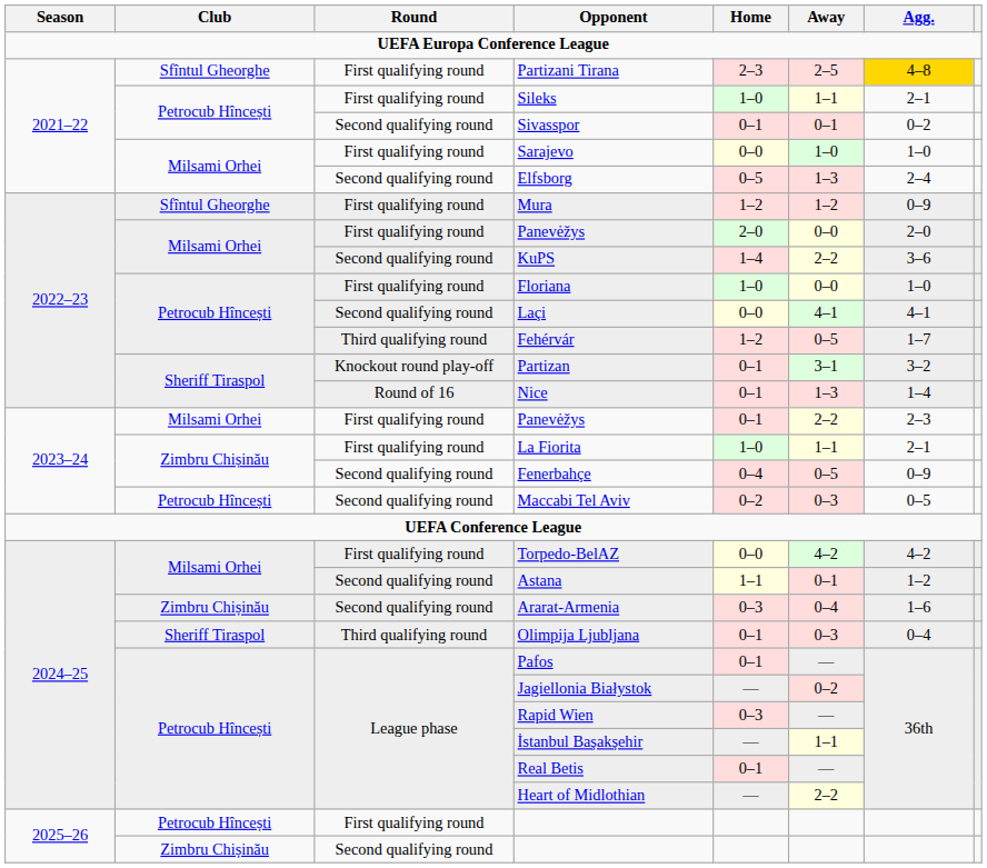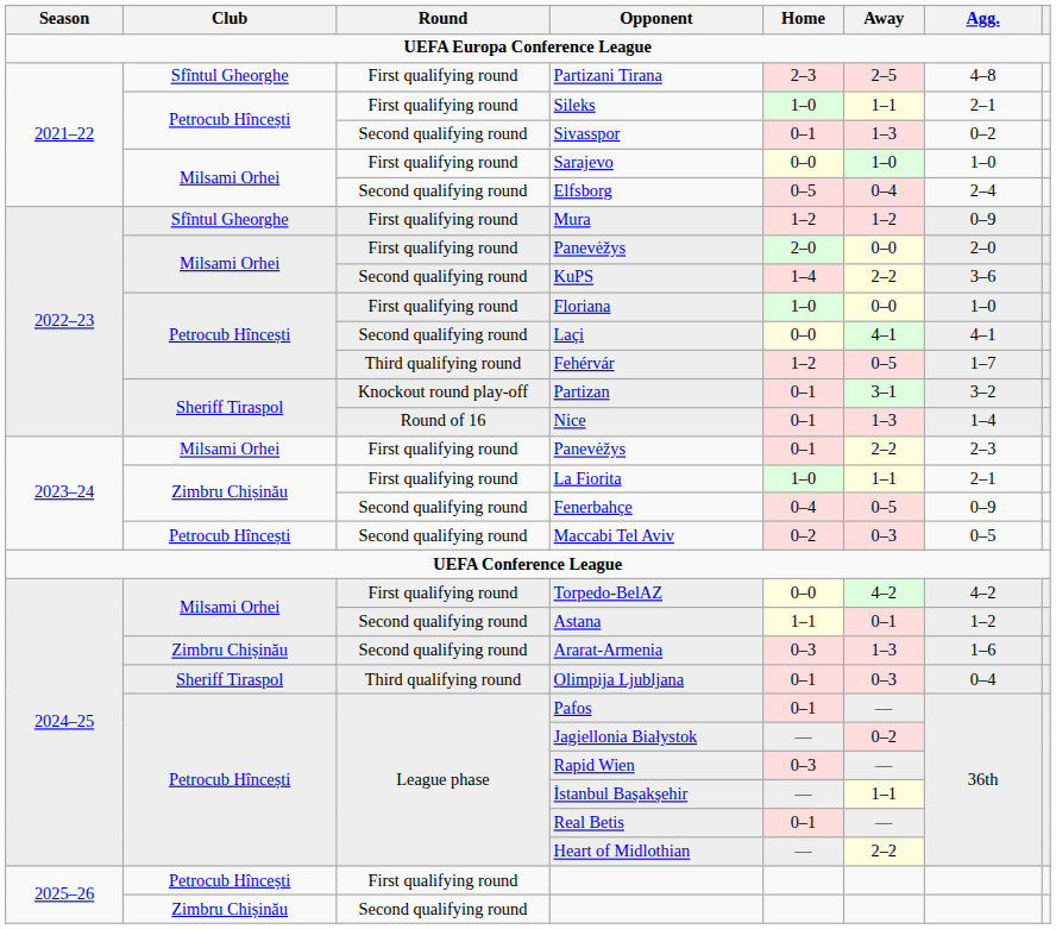 <table class="wikitable" style="font-size:78%; text-align: center;">
 <tr>
 <th width="80">Season</th>
 <th width="150">Club</th>
 <th width="150">Round</th>
 <th width="150">Opponent</th>
 <th width="53">Home</th>
 <th width="53">Away</th>
 <th width="80"><a href='#'>Agg.</a></th>
 <th></th>
 </tr>
 <tr>
 <td colspan="8" style="text-align:center;"><strong>UEFA Europa Conference League</strong></td>
 </tr>
 <tr>
 <td rowspan=5><a href='#'>2021–22</a></td>
 <td><a href='#'>Sfîntul Gheorghe</a></td>
 <td>First qualifying round</td>
 <td align="left"> <a href='#'>Partizani Tirana</a></td>
 <td bgcolor="#ffdddd">2–3</td>
 <td bgcolor="#ffdddd">2–5</td>
-<td style="background: gold;">4–8</td>
+<td>4–8</td>
 <td></td>
 </tr>
 <tr>
 <td rowspan=2><a href='#'>Petrocub Hîncești</a></td>
 <td>First qualifying round</td>
 <td align="left"> <a href='#'>Sileks</a></td>
 <td bgcolor="#ddffdd">1–0</td>
 <td bgcolor="#ffffdd">1–1</td>
 <td>2–1</td>
 <td></td>
 </tr>
 <tr>
 <td>Second qualifying round</td>
 <td align="left"> <a href='#'>Sivasspor</a></td>
 <td bgcolor="#ffdddd">0–1</td>
-<td bgcolor="#ffdddd">0–1</td>
+<td bgcolor="#ffdddd">1–3</td>
 <td>0–2</td>
 <td></td>
 </tr>
 <tr>
 <td rowspan=2><a href='#'>Milsami Orhei</a></td>
 <td>First qualifying round</td>
 <td align="left"> <a href='#'>Sarajevo</a></td>
 <td bgcolor="#ffffdd">0–0</td>
 <td bgcolor="#ddffdd">1–0</td>
 <td>1–0</td>
 <td></td>
 </tr>
 <tr>
 <td>Second qualifying round</td>
 <td align="left"> <a href='#'>Elfsborg</a></td>
 <td bgcolor="#ffdddd">0–5</td>
-<td bgcolor="#ffdddd">1–3</td>
+<td bgcolor="#ffdddd">0–4</td>
 <td>2–4</td>
 <td></td>
 </tr>
 <tr bgcolor=#EEEEEE>
 <td rowspan=8><a href='#'>2022–23</a></td>
 <td><a href='#'>Sfîntul Gheorghe</a></td>
 <td>First qualifying round</td>
 <td align="left"> <a href='#'>Mura</a></td>
 <td bgcolor="#ffdddd">1–2</td>
 <td bgcolor="#ffdddd">1–2</td>
 <td>0–9</td>
 <td></td>
 </tr>
 <tr bgcolor=#EEEEEE>
 <td rowspan=2><a href='#'>Milsami Orhei</a></td>
 <td>First qualifying round</td>
 <td align="left"> <a href='#'>Panevėžys</a></td>
 <td bgcolor="#ddffdd">2–0</td>
 <td bgcolor="#ffffdd">0–0</td>
 <td>2–0</td>
 <td></td>
 </tr>
 <tr bgcolor=#EEEEEE>
 <td>Second qualifying round</td>
 <td align="left"> <a href='#'>KuPS</a></td>
 <td bgcolor="#ffdddd">1–4</td>
 <td bgcolor="#ffffdd">2–2</td>
 <td>3–6</td>
 <td></td>
 </tr>
 <tr bgcolor=#EEEEEE>
 <td rowspan=3><a href='#'>Petrocub Hîncești</a></td>
 <td>First qualifying round</td>
 <td align="left"> <a href='#'>Floriana</a></td>
 <td bgcolor="#ddffdd">1–0</td>
 <td bgcolor="#ffffdd">0–0</td>
 <td>1–0</td>
 <td></td>
 </tr>
 <tr bgcolor=#EEEEEE>
 <td>Second qualifying round</td>
 <td align="left"> <a href='#'>Laçi</a></td>
 <td bgcolor="#ffffdd">0–0</td>
 <td bgcolor="#ddffdd">4–1</td>
 <td>4–1</td>
 <td></td>
 </tr>
 <tr bgcolor=#EEEEEE>
 <td>Third qualifying round</td>
 <td align="left"> <a href='#'>Fehérvár</a></td>
 <td bgcolor="#ffdddd">1–2</td>
 <td bgcolor="#ffdddd">0–5</td>
 <td>1–7</td>
 <td></td>
 </tr>
 <tr bgcolor=#EEEEEE>
 <td rowspan=2><a href='#'>Sheriff Tiraspol</a></td>
 <td>Knockout round play-off</td>
 <td align="left"> <a href='#'>Partizan</a></td>
 <td bgcolor="#ffdddd">0–1</td>
 <td bgcolor="#ddffdd">3–1</td>
 <td>3–2</td>
 <td></td>
 </tr>
 <tr bgcolor=#EEEEEE>
 <td>Round of 16</td>
 <td align="left"> <a href='#'>Nice</a></td>
 <td bgcolor="#ffdddd">0–1</td>
 <td bgcolor="#ffdddd">1–3</td>
 <td>1–4</td>
 <td></td>
 </tr>
 <tr>
 <td rowspan=4><a href='#'>2023–24</a></td>
 <td><a href='#'>Milsami Orhei</a></td>
 <td>First qualifying round</td>
 <td align="left"> <a href='#'>Panevėžys</a></td>
 <td bgcolor="#ffdddd">0–1</td>
 <td bgcolor="#ffffdd">2–2</td>
 <td>2–3</td>
 <td></td>
 </tr>
 <tr>
 <td rowspan=2><a href='#'>Zimbru Chișinău</a></td>
 <td>First qualifying round</td>
 <td align="left"> <a href='#'>La Fiorita</a></td>
 <td bgcolor="#ddffdd">1–0</td>
 <td bgcolor="#ffffdd">1–1</td>
 <td>2–1</td>
 <td></td>
 </tr>
 <tr>
 <td>Second qualifying round</td>
 <td align="left"> <a href='#'>Fenerbahçe</a></td>
 <td bgcolor="#ffdddd">0–4</td>
 <td bgcolor="#ffdddd">0–5</td>
 <td>0–9</td>
 <td></td>
 </tr>
 <tr>
 <td><a href='#'>Petrocub Hîncești</a></td>
 <td>Second qualifying round</td>
 <td align="left"> <a href='#'>Maccabi Tel Aviv</a></td>
 <td bgcolor="#ffdddd">0–2</td>
 <td bgcolor="#ffdddd">0–3</td>
 <td>0–5</td>
 <td></td>
 </tr>
 <tr>
 <td colspan="8" style="text-align:center;"><strong>UEFA Conference League</strong></td>
 </tr>
 <tr bgcolor=#EEEEEE>
 <td rowspan=10><a href='#'>2024–25</a></td>
 <td rowspan=2><a href='#'>Milsami Orhei</a></td>
 <td>First qualifying round</td>
 <td align="left"> <a href='#'>Torpedo-BelAZ</a></td>
 <td bgcolor="#ffffdd">0–0</td>
 <td bgcolor="#ddffdd">4–2</td>
 <td>4–2</td>
 <td></td>
 </tr>
 <tr bgcolor=#EEEEEE>
 <td>Second qualifying round</td>
 <td align="left"> <a href='#'>Astana</a></td>
 <td bgcolor="#ffffdd">1–1</td>
 <td bgcolor="#ffdddd">0–1</td>
 <td>1–2</td>
 <td></td>
 </tr>
 <tr bgcolor=#EEEEEE>
 <td><a href='#'>Zimbru Chișinău</a></td>
 <td>Second qualifying round</td>
 <td align="left"> <a href='#'>Ararat-Armenia</a></td>
 <td bgcolor="#ffdddd">0–3</td>
-<td bgcolor="#ffdddd">0–4</td>
+<td bgcolor="#ffdddd">1–3</td>
 <td>1–6</td>
 <td></td>
 </tr>
 <tr bgcolor=#EEEEEE>
 <td><a href='#'>Sheriff Tiraspol</a></td>
 <td>Third qualifying round</td>
 <td align="left"> <a href='#'>Olimpija Ljubljana</a></td>
 <td bgcolor="#ffdddd">0–1</td>
 <td bgcolor="#ffdddd">0–3</td>
 <td>0–4</td>
 <td></td>
 </tr>
 <tr bgcolor=#EEEEEE>
 <td rowspan=6><a href='#'>Petrocub Hîncești</a></td>
 <td rowspan=6>League phase</td>
 <td align="left"> <a href='#'>Pafos</a></td>
 <td bgcolor="#ffdddd">0–1</td>
 <td>—</td>
 <td rowspan=6>36th</td>
 <td rowspan=6></td>
 </tr>
 <tr bgcolor=#EEEEEE>
 <td align="left"> <a href='#'>Jagiellonia Białystok</a></td>
 <td>—</td>
 <td bgcolor="#ffdddd">0–2</td>
 </tr>
 <tr bgcolor=#EEEEEE>
 <td align="left"> <a href='#'>Rapid Wien</a></td>
 <td bgcolor="#ffdddd">0–3</td>
 <td>—</td>
 </tr>
 <tr bgcolor=#EEEEEE>
 <td align="left"> <a href='#'>İstanbul Başakşehir</a></td>
 <td>—</td>
 <td bgcolor="#ffffdd">1–1</td>
 </tr>
 <tr bgcolor=#EEEEEE>
 <td align="left"> <a href='#'>Real Betis</a></td>
 <td bgcolor="#ffdddd">0–1</td>
 <td>—</td>
 </tr>
 <tr bgcolor=#EEEEEE>
 <td align="left"> <a href='#'>Heart of Midlothian</a></td>
 <td>—</td>
 <td bgcolor="#ffffdd">2–2</td>
 </tr>
 <tr>
 <td rowspan=2><a href='#'>2025–26</a></td>
 <td><a href='#'>Petrocub Hîncești</a></td>
 <td>First qualifying round</td>
 <td align="left"></td>
 <td></td>
 <td></td>
 <td></td>
 <td></td>
 </tr>
 <tr>
 <td><a href='#'>Zimbru Chișinău</a></td>
 <td>Second qualifying round</td>
 <td align="left"></td>
 <td></td>
 <td></td>
 <td></td>
 <td></td>
 </tr>
 </table>
